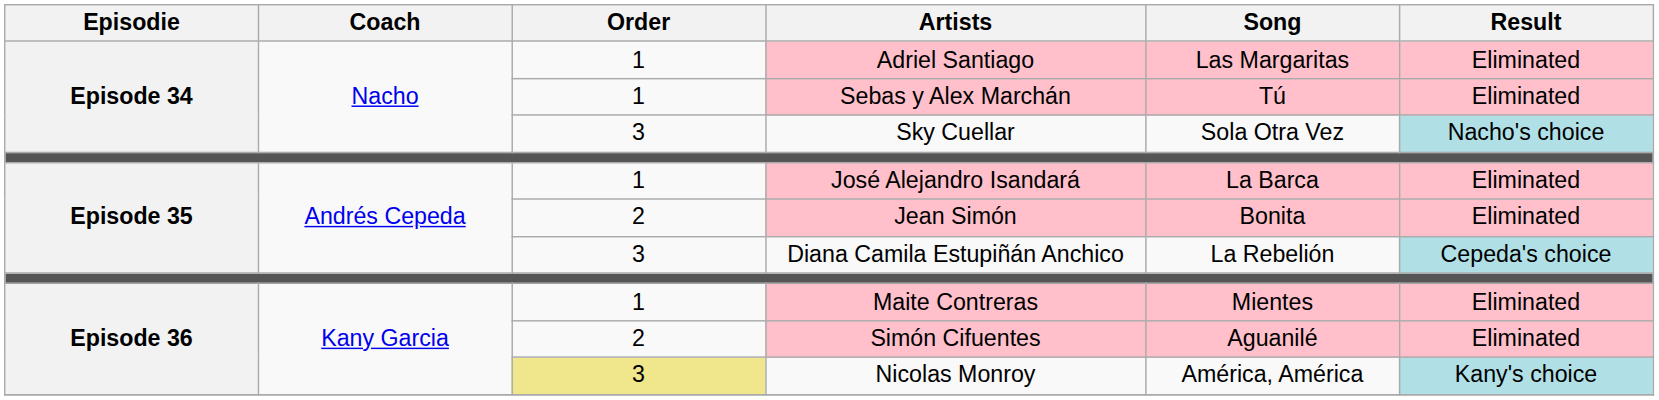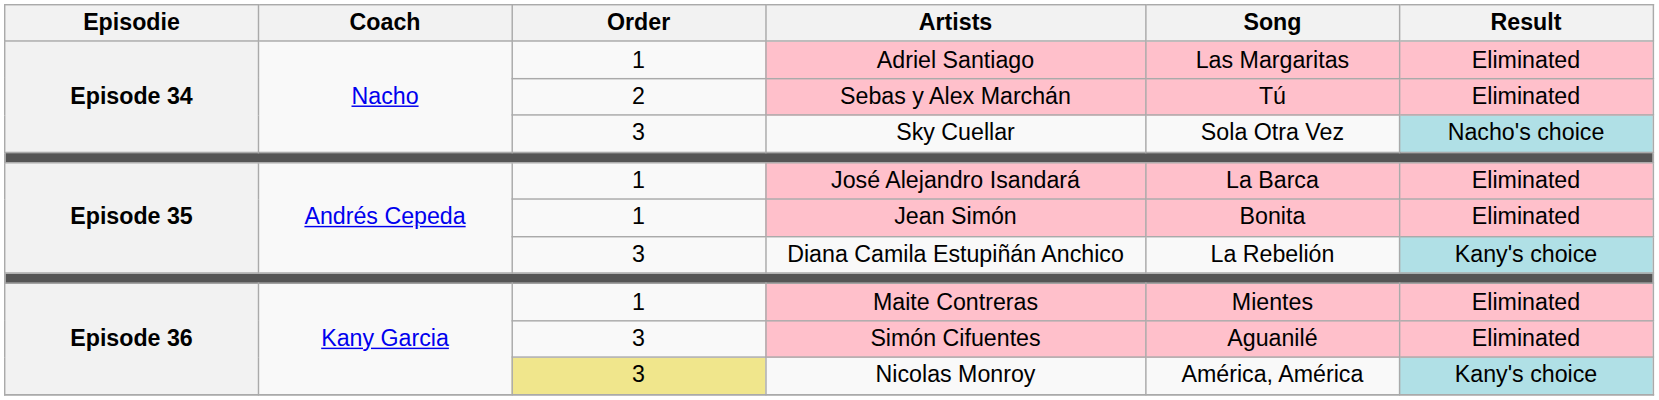 <table class="wikitable" style="text-align:center; width:90%;">
 <tr>
 <th style="width:10%;">Episodie</th>
 <th style="width:10%;">Coach</th>
 <th style="width:10%;">Order</th>
 <th style="width:15%;">Artists</th>
 <th style="width:10%;">Song</th>
 <th style="width:10%">Result</th>
 </tr>
 <tr>
 <th rowspan="3">Episode 34<br></th>
 <td rowspan="3"><a href='#'>Nacho</a></td>
 <td>1</td>
 <td style="background:pink">Adriel Santiago</td>
 <td style="background:pink">Las Margaritas</td>
 <td style="background:pink">Eliminated</td>
 </tr>
 <tr>
-<td>1</td>
+<td>2</td>
 <td style="background:pink">Sebas y Alex Marchán</td>
 <td style="background:pink">Tú</td>
 <td style="background:pink">Eliminated</td>
 </tr>
 <tr>
 <td>3</td>
 <td>Sky Cuellar</td>
 <td>Sola Otra Vez</td>
 <td style="background:#b0e0e6">Nacho's choice</td>
 </tr>
 <tr>
 <td colspan="6" style="background:#555;"></td>
 </tr>
 <tr>
 <th rowspan="3">Episode 35<br></th>
 <td rowspan="3"><a href='#'>Andrés Cepeda</a></td>
 <td>1</td>
 <td style="background:pink">José Alejandro Isandará</td>
 <td style="background:pink">La Barca</td>
 <td style="background:pink">Eliminated</td>
 </tr>
 <tr>
-<td>2</td>
+<td>1</td>
 <td style="background:pink">Jean Simón</td>
 <td style="background:pink">Bonita</td>
 <td style="background:pink">Eliminated</td>
 </tr>
 <tr>
 <td>3</td>
 <td>Diana Camila Estupiñán Anchico</td>
 <td>La Rebelión</td>
-<td style="background:#b0e0e6">Cepeda's choice</td>
+<td style="background:#b0e0e6">Kany's choice</td>
 </tr>
 <tr>
 <td colspan="6" style="background:#555;"></td>
 </tr>
 <tr>
 <th rowspan="3">Episode 36<br></th>
 <td rowspan="3"><a href='#'>Kany Garcia</a></td>
 <td>1</td>
 <td style="background:pink">Maite Contreras</td>
 <td style="background:pink">Mientes</td>
 <td style="background:pink">Eliminated</td>
 </tr>
 <tr>
-<td>2</td>
+<td>3</td>
 <td style="background:pink">Simón Cifuentes</td>
 <td style="background:pink">Aguanilé</td>
 <td style="background:pink">Eliminated</td>
 </tr>
 <tr>
 <td style="background: khaki;">3</td>
 <td>Nicolas Monroy</td>
 <td>América, América</td>
 <td style="background:#b0e0e6">Kany's choice</td>
 </tr>
 <tr>
 </tr>
 </table>
